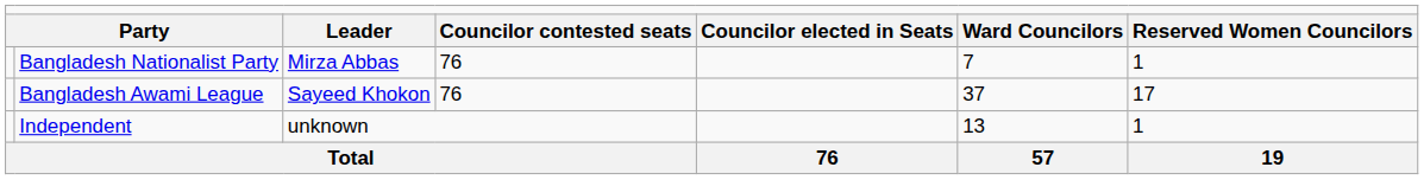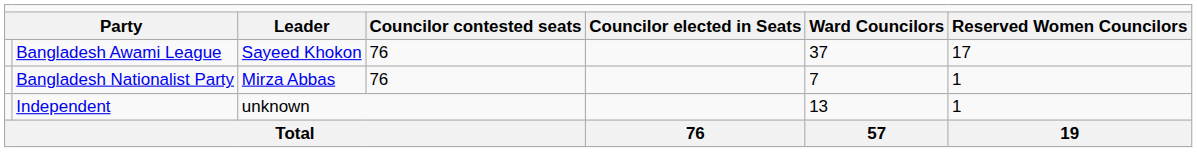 <table class="wikitable">
 <tr>
 <td colspan="7"></td>
 </tr>
 <tr>
 <th colspan="2">Party</th>
 <th>Leader</th>
 <th>Councilor contested seats</th>
 <th>Councilor elected in Seats</th>
 <th>Ward Councilors</th>
 <th>Reserved Women Councilors</th>
 </tr>
 <tr>
 <td></td>
+<td><a href='#'>Bangladesh Awami League</a></td>
+<td><a href='#'>Sayeed Khokon</a></td>
+<td>76</td>
+<td></td>
+<td>37</td>
+<td>17</td>
+</tr>
+<tr>
+<td></td>
 <td><a href='#'>Bangladesh Nationalist Party</a></td>
 <td><a href='#'>Mirza Abbas</a></td>
 <td>76</td>
 <td></td>
 <td>7</td>
 <td>1</td>
-</tr>
-<tr>
-<td></td>
-<td><a href='#'>Bangladesh Awami League</a></td>
-<td><a href='#'>Sayeed Khokon</a></td>
-<td>76</td>
-<td></td>
-<td>37</td>
-<td>17</td>
 </tr>
 <tr>
 <td></td>
 <td><a href='#'>Independent</a></td>
 <td colspan="2">unknown</td>
 <td></td>
 <td>13</td>
 <td>1</td>
 </tr>
 <tr>
 <th colspan="4">Total</th>
 <th>76</th>
 <th>57</th>
 <th>19</th>
 </tr>
 </table>
